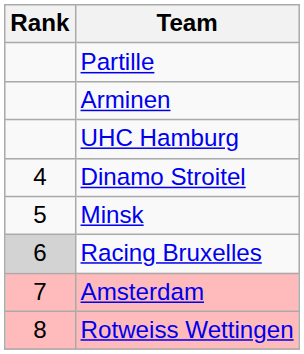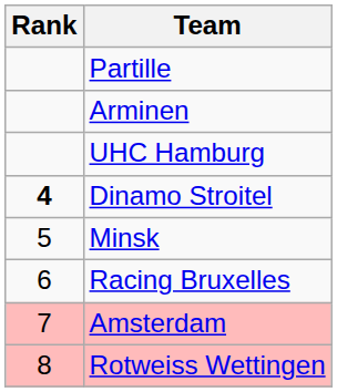 <table class=wikitable>
 <tr>
 <th>Rank</th>
 <th>Team</th>
 </tr>
 <tr>
 <td align=center></td>
 <td> <a href='#'>Partille</a></td>
 </tr>
 <tr>
 <td align=center></td>
 <td> <a href='#'>Arminen</a></td>
 </tr>
 <tr>
 <td align=center></td>
 <td> <a href='#'>UHC Hamburg</a></td>
 </tr>
 <tr>
-<td align=center>4</td>
+<td align=center><strong>4</strong></td>
 <td> <a href='#'>Dinamo Stroitel</a></td>
 </tr>
 <tr>
 <td align=center>5</td>
 <td> <a href='#'>Minsk</a></td>
 </tr>
 <tr>
-<td align=center style="background: lightgrey;">6</td>
+<td align=center>6</td>
 <td> <a href='#'>Racing Bruxelles</a></td>
 </tr>
 <tr bgcolor=ffbbbb>
 <td align=center>7</td>
 <td> <a href='#'>Amsterdam</a></td>
 </tr>
 <tr bgcolor=ffbbbb>
 <td align=center>8</td>
 <td> <a href='#'>Rotweiss Wettingen</a></td>
 </tr>
 </table>
